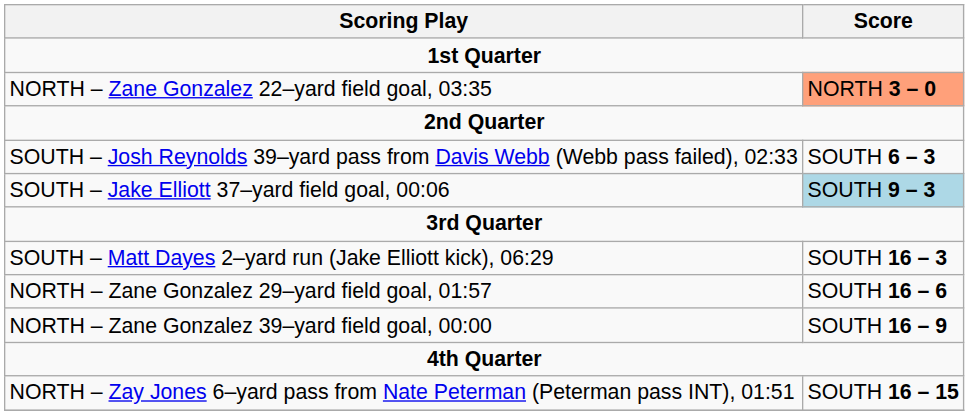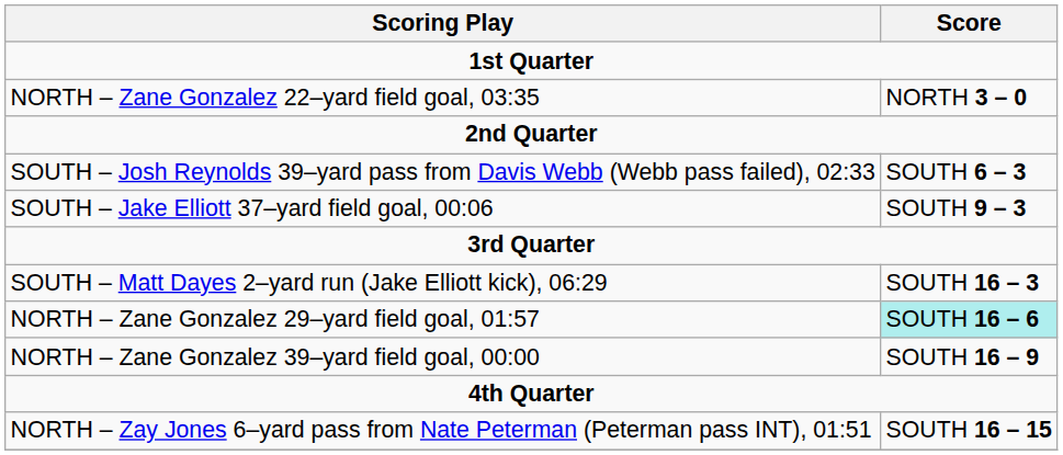 <table class="wikitable">
 <tr>
 <th>Scoring Play</th>
 <th>Score</th>
 </tr>
 <tr>
 <td colspan="4" align="center"><strong>1st Quarter</strong></td>
 </tr>
 <tr>
 <td>NORTH – <a href='#'>Zane Gonzalez</a> 22–yard field goal, 03:35</td>
-<td style="background: lightsalmon;">NORTH <strong>3 – 0</strong></td>
+<td>NORTH <strong>3 – 0</strong></td>
 </tr>
 <tr>
 <td colspan="4" align="center"><strong>2nd Quarter</strong></td>
 </tr>
 <tr>
 <td>SOUTH – <a href='#'>Josh Reynolds</a> 39–yard pass from <a href='#'>Davis Webb</a> (Webb pass failed), 02:33</td>
 <td>SOUTH <strong>6 – 3</strong></td>
 </tr>
 <tr>
 <td>SOUTH – <a href='#'>Jake Elliott</a> 37–yard field goal, 00:06</td>
-<td style="background: lightblue;">SOUTH <strong>9 – 3</strong></td>
+<td>SOUTH <strong>9 – 3</strong></td>
 </tr>
 <tr>
 <td colspan="4" align="center"><strong>3rd Quarter</strong></td>
 </tr>
 <tr>
 <td>SOUTH – <a href='#'>Matt Dayes</a> 2–yard run (Jake Elliott kick), 06:29</td>
 <td>SOUTH <strong>16 – 3</strong></td>
 </tr>
 <tr>
 <td>NORTH – Zane Gonzalez 29–yard field goal, 01:57</td>
-<td>SOUTH <strong>16 – 6</strong></td>
+<td style="background: paleturquoise;">SOUTH <strong>16 – 6</strong></td>
 </tr>
 <tr>
 <td>NORTH – Zane Gonzalez 39–yard field goal, 00:00</td>
 <td>SOUTH <strong>16 – 9</strong></td>
 </tr>
 <tr>
 <td colspan="4" align="center"><strong>4th Quarter</strong></td>
 </tr>
 <tr>
 <td>NORTH – <a href='#'>Zay Jones</a> 6–yard pass from <a href='#'>Nate Peterman</a> (Peterman pass INT), 01:51</td>
 <td>SOUTH <strong>16 – 15</strong></td>
 </tr>
 <tr>
 </tr>
 </table>
